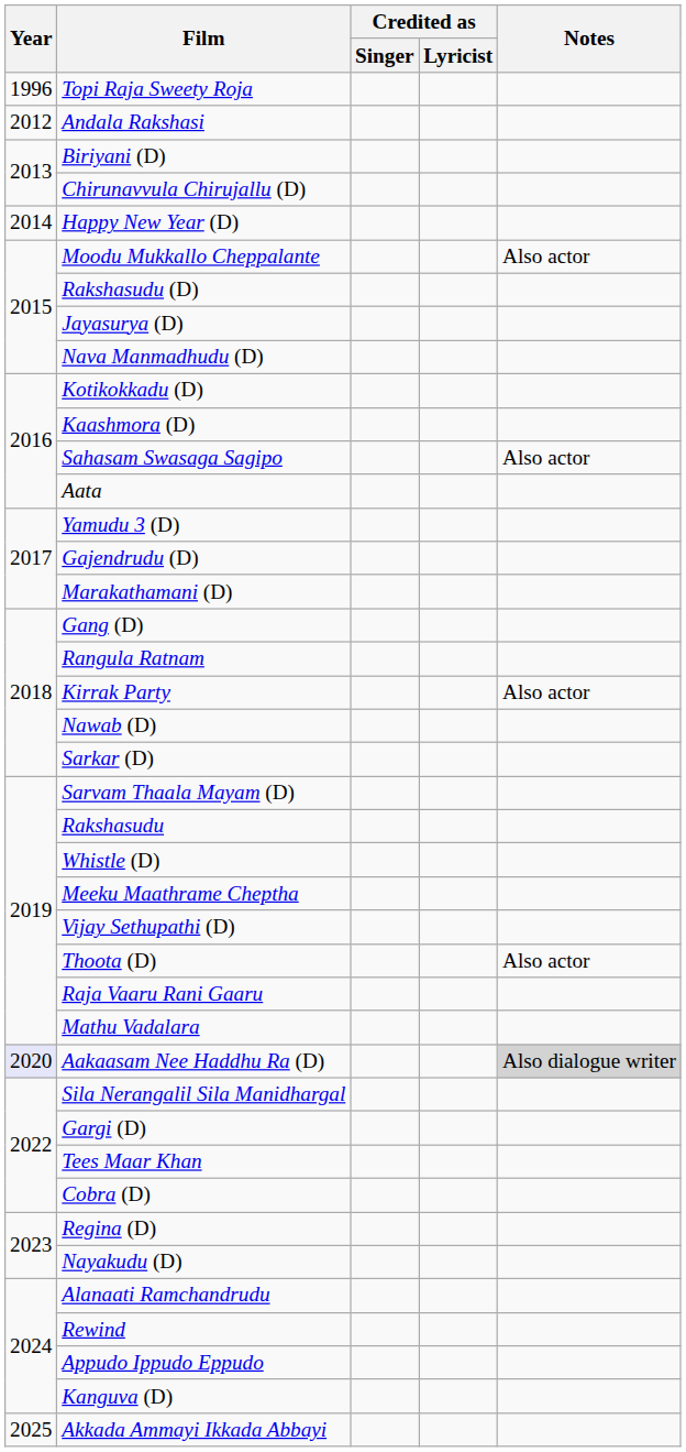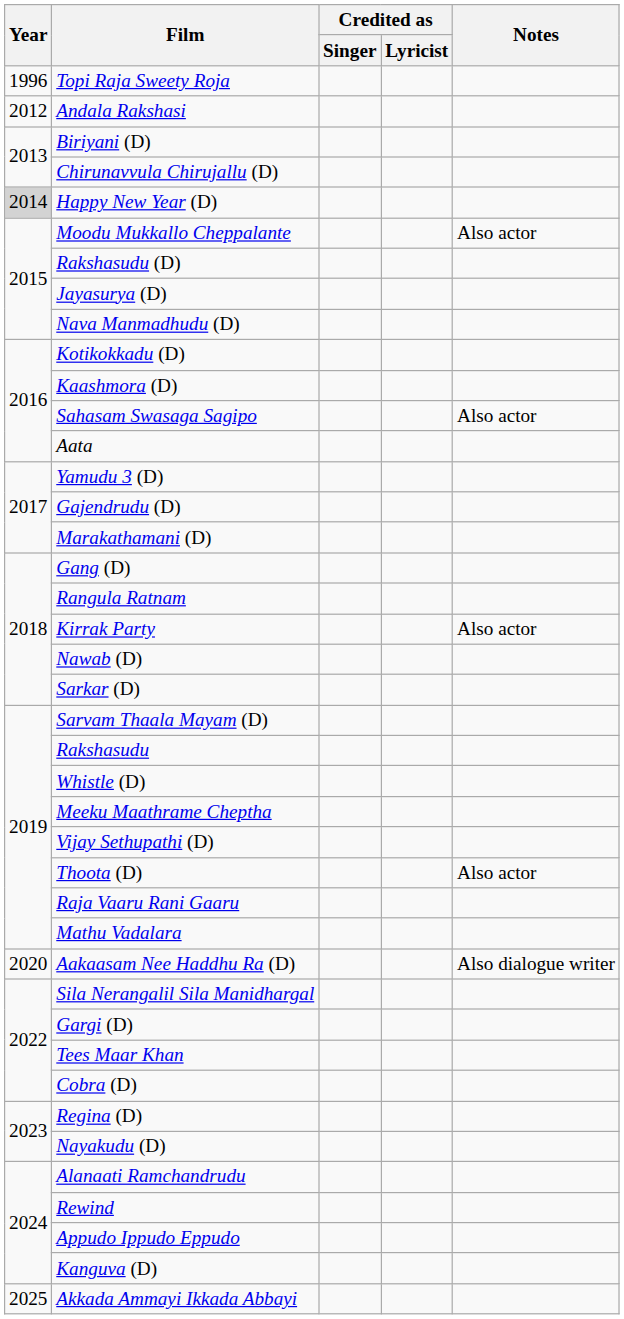 <table class="wikitable sortable">
 <tr>
 <th rowspan="2" scope="col">Year</th>
 <th rowspan="2" scope="col">Film</th>
 <th colspan="2" scope="col">Credited as</th>
 <th rowspan="2" scope="col" class="unsortable">Notes</th>
 </tr>
 <tr>
 <th scope="col">Singer</th>
 <th scope="col">Lyricist</th>
 </tr>
 <tr>
 <td>1996</td>
 <td><em><a href='#'>Topi Raja Sweety Roja</a></em></td>
 <td style="text-align:center;"></td>
 <td style="text-align:center;"></td>
 <td></td>
 </tr>
 <tr>
 <td>2012</td>
 <td><em><a href='#'>Andala Rakshasi</a></em></td>
 <td style="text-align:center;"></td>
 <td style="text-align:center;"></td>
 <td></td>
 </tr>
 <tr>
 <td rowspan="2">2013</td>
 <td><em><a href='#'>Biriyani</a></em> (D)</td>
 <td style="text-align:center;"></td>
 <td style="text-align:center;"></td>
 <td></td>
 </tr>
 <tr>
 <td><em><a href='#'>Chirunavvula Chirujallu</a></em> (D)</td>
 <td style="text-align:center;"></td>
 <td style="text-align:center;"></td>
 <td></td>
 </tr>
 <tr>
-<td>2014</td>
+<td style="background: lightgrey;">2014</td>
 <td><em><a href='#'>Happy New Year</a></em> (D)</td>
 <td style="text-align:center;"></td>
 <td style="text-align:center;"></td>
 <td></td>
 </tr>
 <tr>
 <td rowspan="4">2015</td>
 <td><em><a href='#'>Moodu Mukkallo Cheppalante</a></em></td>
 <td style="text-align:center;"></td>
 <td style="text-align:center;"></td>
 <td>Also actor</td>
 </tr>
 <tr>
 <td><em><a href='#'>Rakshasudu</a></em> (D)</td>
 <td style="text-align:center;"></td>
 <td style="text-align:center;"></td>
 <td></td>
 </tr>
 <tr>
 <td><em><a href='#'>Jayasurya</a></em> (D)</td>
 <td style="text-align:center;"></td>
 <td style="text-align:center;"></td>
 <td></td>
 </tr>
 <tr>
 <td><em><a href='#'>Nava Manmadhudu</a></em> (D)</td>
 <td style="text-align:center;"></td>
 <td style="text-align:center;"></td>
 <td></td>
 </tr>
 <tr>
 <td rowspan="4">2016</td>
 <td><em><a href='#'>Kotikokkadu</a></em> (D)</td>
 <td style="text-align:center;"></td>
 <td style="text-align:center;"></td>
 <td></td>
 </tr>
 <tr>
 <td><em><a href='#'>Kaashmora</a></em> (D)</td>
 <td style="text-align:center;"></td>
 <td style="text-align:center;"></td>
 <td></td>
 </tr>
 <tr>
 <td><em><a href='#'>Sahasam Swasaga Sagipo</a></em></td>
 <td style="text-align:center;"></td>
 <td style="text-align:center;"></td>
 <td>Also actor</td>
 </tr>
 <tr>
 <td><em>Aata</em></td>
 <td style="text-align:center;"></td>
 <td style="text-align:center;"></td>
 <td></td>
 </tr>
 <tr>
 <td rowspan="3">2017</td>
 <td><em><a href='#'>Yamudu 3</a></em> (D)</td>
 <td style="text-align:center;"></td>
 <td style="text-align:center;"></td>
 <td></td>
 </tr>
 <tr>
 <td><em><a href='#'>Gajendrudu</a></em> (D)</td>
 <td style="text-align:center;"></td>
 <td style="text-align:center;"></td>
 <td></td>
 </tr>
 <tr>
 <td><em><a href='#'>Marakathamani</a></em> (D)</td>
 <td style="text-align:center;"></td>
 <td style="text-align:center;"></td>
 <td></td>
 </tr>
 <tr>
 <td rowspan="5">2018</td>
 <td><em><a href='#'>Gang</a></em> (D)</td>
 <td style="text-align:center;"></td>
 <td style="text-align:center;"></td>
 <td></td>
 </tr>
 <tr>
 <td><em><a href='#'>Rangula Ratnam</a></em></td>
 <td style="text-align:center;"></td>
 <td style="text-align:center;"></td>
 <td></td>
 </tr>
 <tr>
 <td><em><a href='#'>Kirrak Party</a></em></td>
 <td style="text-align:center;"></td>
 <td style="text-align:center;"></td>
 <td>Also actor</td>
 </tr>
 <tr>
 <td><em><a href='#'>Nawab</a></em> (D)</td>
 <td style="text-align:center;"></td>
 <td style="text-align:center;"></td>
 <td></td>
 </tr>
 <tr>
 <td><em><a href='#'>Sarkar</a></em> (D)</td>
 <td style="text-align:center;"></td>
 <td style="text-align:center;"></td>
 <td></td>
 </tr>
 <tr>
 <td rowspan="8">2019</td>
 <td><em><a href='#'>Sarvam Thaala Mayam</a></em> (D)</td>
 <td style="text-align:center;"></td>
 <td style="text-align:center;"></td>
 <td></td>
 </tr>
 <tr>
 <td><em><a href='#'>Rakshasudu</a></em></td>
 <td style="text-align:center;"></td>
 <td style="text-align:center;"></td>
 <td></td>
 </tr>
 <tr>
 <td><em><a href='#'>Whistle</a></em> (D)</td>
 <td style="text-align:center;"></td>
 <td style="text-align:center;"></td>
 <td></td>
 </tr>
 <tr>
 <td><em><a href='#'>Meeku Maathrame Cheptha</a></em></td>
 <td style="text-align:center;"></td>
 <td style="text-align:center;"></td>
 <td></td>
 </tr>
 <tr>
 <td><em><a href='#'>Vijay Sethupathi</a></em> (D)</td>
 <td style="text-align:center;"></td>
 <td style="text-align:center;"></td>
 <td></td>
 </tr>
 <tr>
 <td><em><a href='#'>Thoota</a></em> (D)</td>
 <td style="text-align:center;"></td>
 <td style="text-align:center;"></td>
 <td>Also actor</td>
 </tr>
 <tr>
 <td><em><a href='#'>Raja Vaaru Rani Gaaru</a></em></td>
 <td style="text-align:center;"></td>
 <td style="text-align:center;"></td>
 <td></td>
 </tr>
 <tr>
 <td><em><a href='#'>Mathu Vadalara</a></em></td>
 <td style="text-align:center;"></td>
 <td style="text-align:center;"></td>
 <td></td>
 </tr>
 <tr>
-<td style="background: lavender;">2020</td>
+<td>2020</td>
 <td><em><a href='#'>Aakaasam Nee Haddhu Ra</a></em> (D)</td>
 <td style="text-align:center;"></td>
 <td style="text-align:center;"></td>
-<td style="background: lightgrey;">Also dialogue writer</td>
+<td>Also dialogue writer</td>
 </tr>
 <tr>
 <td rowspan="4">2022</td>
 <td><em><a href='#'>Sila Nerangalil Sila Manidhargal</a></em></td>
 <td style="text-align:center;"></td>
 <td style="text-align:center;"></td>
 <td></td>
 </tr>
 <tr>
 <td><em><a href='#'>Gargi</a></em> (D)</td>
 <td style="text-align:center;"></td>
 <td style="text-align:center;"></td>
 <td></td>
 </tr>
 <tr>
 <td><em><a href='#'>Tees Maar Khan</a></em></td>
 <td style="text-align:center;"></td>
 <td style="text-align:center;"></td>
 <td></td>
 </tr>
 <tr>
 <td><em><a href='#'>Cobra</a></em> (D)</td>
 <td style="text-align:center;"></td>
 <td style="text-align:center;"></td>
 <td></td>
 </tr>
 <tr>
 <td rowspan="2">2023</td>
 <td><em><a href='#'>Regina</a></em> (D)</td>
 <td style="text-align:center;"></td>
 <td style="text-align:center;"></td>
 <td></td>
 </tr>
 <tr>
 <td><em><a href='#'>Nayakudu</a></em> (D)</td>
 <td style="text-align:center;"></td>
 <td style="text-align:center;"></td>
 <td></td>
 </tr>
 <tr>
 <td rowspan="4">2024</td>
 <td><em><a href='#'>Alanaati Ramchandrudu</a></em></td>
 <td style="text-align:center;"></td>
 <td style="text-align:center;"></td>
 <td></td>
 </tr>
 <tr>
 <td><a href='#'><em>Rewind</em></a></td>
 <td style="text-align:center;"></td>
 <td style="text-align:center;"></td>
 <td></td>
 </tr>
 <tr>
 <td><em><a href='#'>Appudo Ippudo Eppudo</a></em></td>
 <td style="text-align:center;"></td>
 <td style="text-align:center;"></td>
 <td></td>
 </tr>
 <tr>
 <td><em><a href='#'>Kanguva</a></em> (D)</td>
 <td style="text-align:center;"></td>
 <td style="text-align:center;"></td>
 <td></td>
 </tr>
 <tr>
 <td>2025</td>
 <td><em><a href='#'>Akkada Ammayi Ikkada Abbayi</a></em></td>
 <td style="text-align:center;"></td>
 <td style="text-align:center;"></td>
 <td></td>
 </tr>
 </table>
